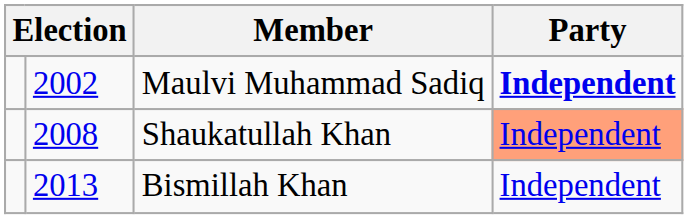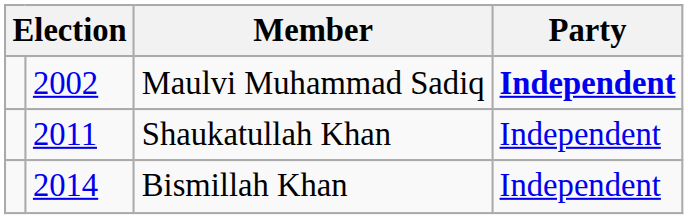 <table class="wikitable">
 <tr>
 <th colspan="2">Election</th>
 <th>Member</th>
 <th>Party</th>
 </tr>
 <tr>
 <td style="background-color: "></td>
 <td><a href='#'>2002</a></td>
 <td>Maulvi Muhammad Sadiq</td>
 <td><strong><a href='#'>Independent</a></strong></td>
 </tr>
 <tr>
 <td style="background-color: "></td>
-<td><a href='#'>2008</a></td>
+<td><a href='#'>2011</a></td>
 <td>Shaukatullah Khan</td>
-<td style="background: lightsalmon;"><a href='#'>Independent</a></td>
+<td><a href='#'>Independent</a></td>
 </tr>
 <tr>
 <td style="background-color: "></td>
-<td><a href='#'>2013</a></td>
+<td><a href='#'>2014</a></td>
 <td>Bismillah Khan</td>
 <td><a href='#'>Independent</a></td>
 </tr>
 </table>
